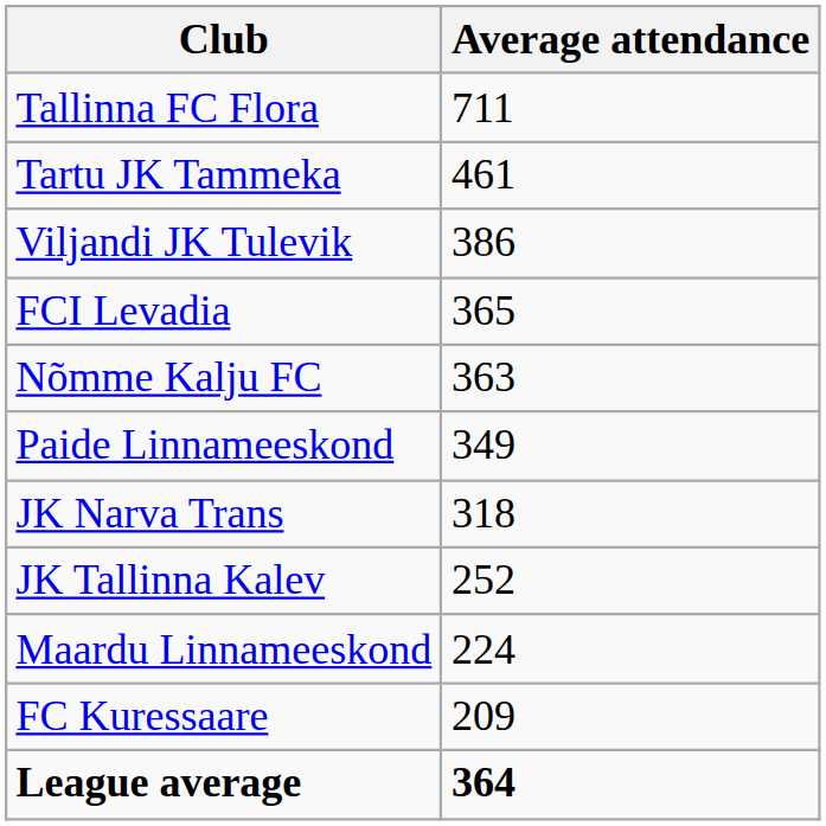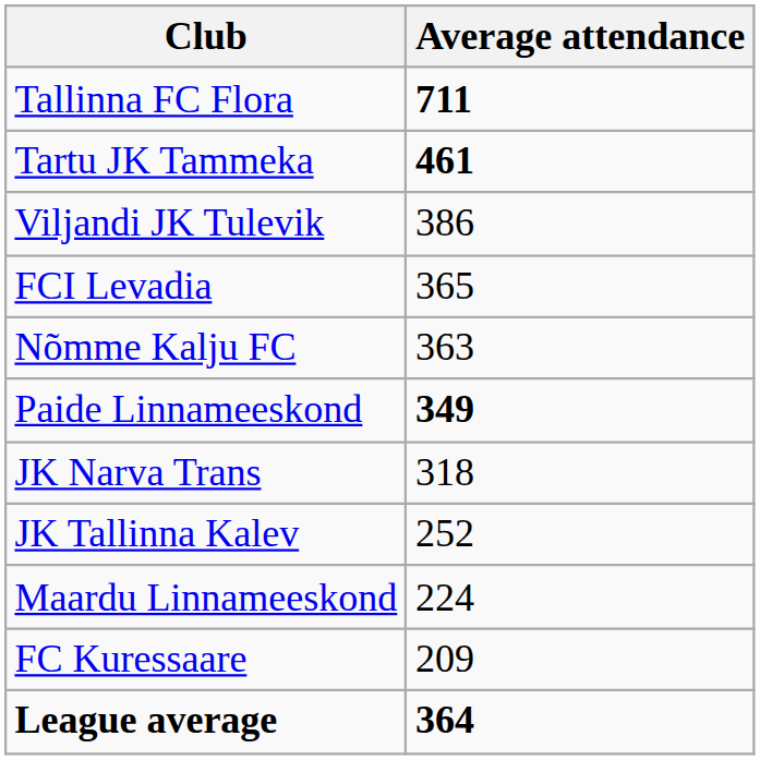 <table class="wikitable sortable">
 <tr>
 <th>Club</th>
 <th>Average attendance</th>
 </tr>
 <tr>
 <td><a href='#'>Tallinna FC Flora</a></td>
-<td>711</td>
+<td><strong>711</strong></td>
 </tr>
 <tr>
 <td><a href='#'>Tartu JK Tammeka</a></td>
-<td>461</td>
+<td><strong>461</strong></td>
 </tr>
 <tr>
 <td><a href='#'>Viljandi JK Tulevik</a></td>
 <td>386</td>
 </tr>
 <tr>
 <td><a href='#'>FCI Levadia</a></td>
 <td>365</td>
 </tr>
 <tr>
 <td><a href='#'>Nõmme Kalju FC</a></td>
 <td>363</td>
 </tr>
 <tr>
 <td><a href='#'>Paide Linnameeskond</a></td>
-<td>349</td>
+<td><strong>349</strong></td>
 </tr>
 <tr>
 <td><a href='#'>JK Narva Trans</a></td>
 <td>318</td>
 </tr>
 <tr>
 <td><a href='#'>JK Tallinna Kalev</a></td>
 <td>252</td>
 </tr>
 <tr>
 <td><a href='#'>Maardu Linnameeskond</a></td>
 <td>224</td>
 </tr>
 <tr>
 <td><a href='#'>FC Kuressaare</a></td>
 <td>209</td>
 </tr>
 <tr>
 <td><strong>League average</strong></td>
 <td><strong>364</strong></td>
 </tr>
 </table>
